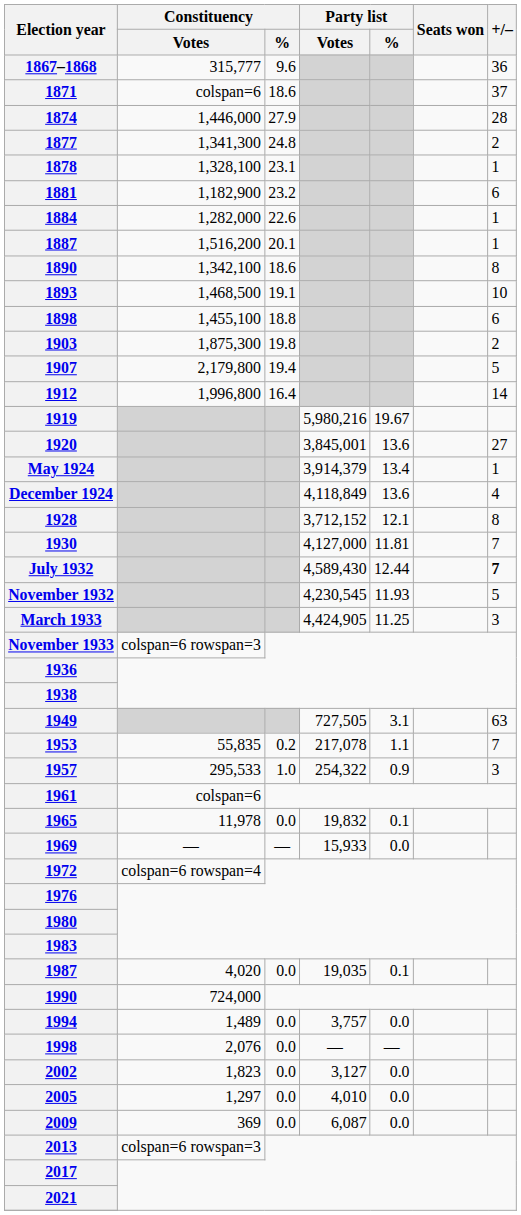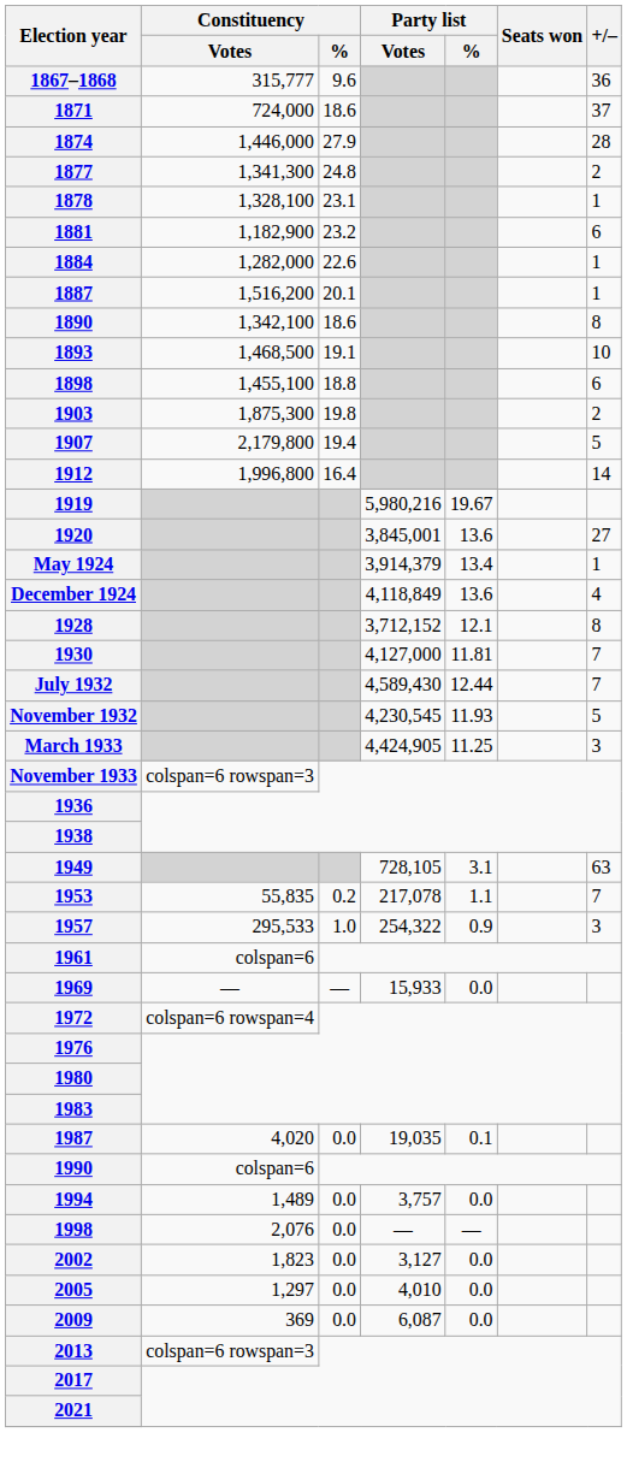 <table class=wikitable style="text-align: right;">
 <tr>
 <th rowspan=2>Election year</th>
 <th colspan=2>Constituency</th>
 <th colspan=2>Party list</th>
 <th rowspan=2>Seats won</th>
 <th rowspan=2>+/–</th>
 </tr>
 <tr>
 <th>Votes</th>
 <th>%</th>
 <th>Votes</th>
 <th>%</th>
 </tr>
 <tr>
 <th><a href='#'>1867</a>–<a href='#'>1868</a></th>
 <td>315,777</td>
 <td>9.6</td>
 <td bgcolor="lightgrey"></td>
 <td bgcolor="lightgrey"></td>
 <td align=left></td>
 <td align=left> 36</td>
 </tr>
 <tr>
 <th><a href='#'>1871</a></th>
-<td>colspan=6 </td>
+<td>724,000</td>
 <td>18.6</td>
 <td bgcolor="lightgrey"></td>
 <td bgcolor="lightgrey"></td>
 <td align=left></td>
 <td align=left> 37</td>
 </tr>
 <tr>
 <th><a href='#'>1874</a></th>
 <td>1,446,000</td>
 <td>27.9</td>
 <td bgcolor="lightgrey"></td>
 <td bgcolor="lightgrey"></td>
 <td align=left></td>
 <td align=left> 28</td>
 </tr>
 <tr>
 <th><a href='#'>1877</a></th>
 <td>1,341,300</td>
 <td>24.8</td>
 <td bgcolor="lightgrey"></td>
 <td bgcolor="lightgrey"></td>
 <td align=left></td>
 <td align=left> 2</td>
 </tr>
 <tr>
 <th><a href='#'>1878</a></th>
 <td>1,328,100</td>
 <td>23.1</td>
 <td bgcolor="lightgrey"></td>
 <td bgcolor="lightgrey"></td>
 <td align=left></td>
 <td align=left> 1</td>
 </tr>
 <tr>
 <th><a href='#'>1881</a></th>
 <td>1,182,900</td>
 <td>23.2</td>
 <td bgcolor="lightgrey"></td>
 <td bgcolor="lightgrey"></td>
 <td align=left></td>
 <td align=left> 6</td>
 </tr>
 <tr>
 <th><a href='#'>1884</a></th>
 <td>1,282,000</td>
 <td>22.6</td>
 <td bgcolor="lightgrey"></td>
 <td bgcolor="lightgrey"></td>
 <td align=left></td>
 <td align=left> 1</td>
 </tr>
 <tr>
 <th><a href='#'>1887</a></th>
 <td>1,516,200</td>
 <td>20.1</td>
 <td bgcolor="lightgrey"></td>
 <td bgcolor="lightgrey"></td>
 <td align=left></td>
 <td align=left> 1</td>
 </tr>
 <tr>
 <th><a href='#'>1890</a></th>
 <td>1,342,100</td>
 <td>18.6</td>
 <td bgcolor="lightgrey"></td>
 <td bgcolor="lightgrey"></td>
 <td align=left></td>
 <td align=left> 8</td>
 </tr>
 <tr>
 <th><a href='#'>1893</a></th>
 <td>1,468,500</td>
 <td>19.1</td>
 <td bgcolor="lightgrey"></td>
 <td bgcolor="lightgrey"></td>
 <td align=left></td>
 <td align=left> 10</td>
 </tr>
 <tr>
 <th><a href='#'>1898</a></th>
 <td>1,455,100</td>
 <td>18.8</td>
 <td bgcolor="lightgrey"></td>
 <td bgcolor="lightgrey"></td>
 <td align=left></td>
 <td align=left> 6</td>
 </tr>
 <tr>
 <th><a href='#'>1903</a></th>
 <td>1,875,300</td>
 <td>19.8</td>
 <td bgcolor="lightgrey"></td>
 <td bgcolor="lightgrey"></td>
 <td align=left></td>
 <td align=left> 2</td>
 </tr>
 <tr>
 <th><a href='#'>1907</a></th>
 <td>2,179,800</td>
 <td>19.4</td>
 <td bgcolor="lightgrey"></td>
 <td bgcolor="lightgrey"></td>
 <td align=left></td>
 <td align=left> 5</td>
 </tr>
 <tr>
 <th><a href='#'>1912</a></th>
 <td>1,996,800</td>
 <td>16.4</td>
 <td bgcolor="lightgrey"></td>
 <td bgcolor="lightgrey"></td>
 <td align=left></td>
 <td align=left> 14</td>
 </tr>
 <tr>
 <th><a href='#'>1919</a></th>
 <td bgcolor="lightgrey"></td>
 <td bgcolor="lightgrey"></td>
 <td>5,980,216</td>
 <td>19.67</td>
 <td align=left></td>
 <td align=left></td>
 </tr>
 <tr>
 <th><a href='#'>1920</a></th>
 <td bgcolor="lightgrey"></td>
 <td bgcolor="lightgrey"></td>
 <td>3,845,001</td>
 <td>13.6</td>
 <td align=left></td>
 <td align=left> 27</td>
 </tr>
 <tr>
 <th><a href='#'>May 1924</a></th>
 <td bgcolor="lightgrey"></td>
 <td bgcolor="lightgrey"></td>
 <td>3,914,379</td>
 <td>13.4</td>
 <td align=left></td>
 <td align=left> 1</td>
 </tr>
 <tr>
 <th><a href='#'>December 1924</a></th>
 <td bgcolor="lightgrey"></td>
 <td bgcolor="lightgrey"></td>
 <td>4,118,849</td>
 <td>13.6</td>
 <td align=left></td>
 <td align=left> 4</td>
 </tr>
 <tr>
 <th><a href='#'>1928</a></th>
 <td bgcolor="lightgrey"></td>
 <td bgcolor="lightgrey"></td>
 <td>3,712,152</td>
 <td>12.1</td>
 <td align=left></td>
 <td align=left> 8</td>
 </tr>
 <tr>
 <th><a href='#'>1930</a></th>
 <td bgcolor="lightgrey"></td>
 <td bgcolor="lightgrey"></td>
 <td>4,127,000</td>
 <td>11.81</td>
 <td align=left></td>
 <td align=left> 7</td>
 </tr>
 <tr>
 <th><a href='#'>July 1932</a></th>
 <td bgcolor="lightgrey"></td>
 <td bgcolor="lightgrey"></td>
 <td>4,589,430</td>
 <td>12.44</td>
 <td align=left></td>
-<td align=left><strong> 7</strong></td>
+<td align=left> 7</td>
 </tr>
 <tr>
 <th><a href='#'>November 1932</a></th>
 <td bgcolor="lightgrey"></td>
 <td bgcolor="lightgrey"></td>
 <td>4,230,545</td>
 <td>11.93</td>
 <td align=left></td>
 <td align=left> 5</td>
 </tr>
 <tr>
 <th><a href='#'>March 1933</a></th>
 <td bgcolor="lightgrey"></td>
 <td bgcolor="lightgrey"></td>
 <td>4,424,905</td>
 <td>11.25</td>
 <td align=left></td>
 <td align=left> 3</td>
 </tr>
 <tr>
 <th><a href='#'>November 1933</a></th>
 <td>colspan=6 rowspan=3 </td>
 </tr>
 <tr>
 <th><a href='#'>1936</a></th>
 </tr>
 <tr>
 <th><a href='#'>1938</a></th>
 </tr>
 <tr>
 <th><a href='#'>1949</a></th>
 <td bgcolor="lightgrey"></td>
 <td bgcolor="lightgrey"></td>
-<td>727,505</td>
+<td>728,105</td>
 <td>3.1</td>
 <td align=left></td>
 <td align=left> 63</td>
 </tr>
 <tr>
 <th><a href='#'>1953</a></th>
 <td>55,835</td>
 <td>0.2</td>
 <td>217,078</td>
 <td>1.1</td>
 <td align=left></td>
 <td align=left> 7</td>
 </tr>
 <tr>
 <th><a href='#'>1957</a></th>
 <td>295,533</td>
 <td>1.0</td>
 <td>254,322</td>
 <td>0.9</td>
 <td align=left></td>
 <td align=left> 3</td>
 </tr>
 <tr>
 <th><a href='#'>1961</a></th>
 <td>colspan=6 </td>
-</tr>
-<tr>
-<th><a href='#'>1965</a></th>
-<td>11,978</td>
-<td>0.0</td>
-<td>19,832</td>
-<td>0.1</td>
-<td align=left></td>
-<td align=left></td>
 </tr>
 <tr>
 <th><a href='#'>1969</a></th>
 <td align=center>—</td>
 <td align=center>—</td>
 <td>15,933</td>
 <td>0.0</td>
 <td align=left></td>
 <td align=left></td>
 </tr>
 <tr>
 <th><a href='#'>1972</a></th>
 <td>colspan=6 rowspan=4 </td>
 </tr>
 <tr>
 <th><a href='#'>1976</a></th>
 </tr>
 <tr>
 <th><a href='#'>1980</a></th>
 </tr>
 <tr>
 <th><a href='#'>1983</a></th>
 </tr>
 <tr>
 <th><a href='#'>1987</a></th>
 <td>4,020</td>
 <td>0.0</td>
 <td>19,035</td>
 <td>0.1</td>
 <td align=left></td>
 <td align=left></td>
 </tr>
 <tr>
 <th><a href='#'>1990</a></th>
-<td>724,000</td>
+<td>colspan=6 </td>
 </tr>
 <tr>
 <th><a href='#'>1994</a></th>
 <td>1,489</td>
 <td>0.0</td>
 <td>3,757</td>
 <td>0.0</td>
 <td align=left></td>
 <td align=left></td>
 </tr>
 <tr>
 <th><a href='#'>1998</a></th>
 <td>2,076</td>
 <td>0.0</td>
 <td align=center>—</td>
 <td align=center>—</td>
 <td align=left></td>
 <td align=left></td>
 </tr>
 <tr>
 <th><a href='#'>2002</a></th>
 <td>1,823</td>
 <td>0.0</td>
 <td>3,127</td>
 <td>0.0</td>
 <td align=left></td>
 <td align=left></td>
 </tr>
 <tr>
 <th><a href='#'>2005</a></th>
 <td>1,297</td>
 <td>0.0</td>
 <td>4,010</td>
 <td>0.0</td>
 <td align=left></td>
 <td align=left></td>
 </tr>
 <tr>
 <th><a href='#'>2009</a></th>
 <td>369</td>
 <td>0.0</td>
 <td>6,087</td>
 <td>0.0</td>
 <td align=left></td>
 <td align=left></td>
 </tr>
 <tr>
 <th><a href='#'>2013</a></th>
 <td>colspan=6 rowspan=3 </td>
 </tr>
 <tr>
 <th><a href='#'>2017</a></th>
 </tr>
 <tr>
 <th><a href='#'>2021</a></th>
 </tr>
 <tr>
 </tr>
 </table>
